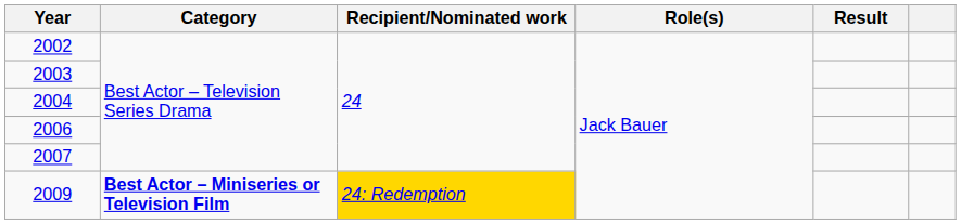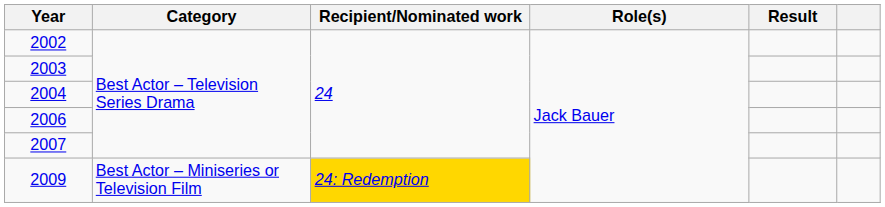 <table class=wikitable>
 <tr>
 <th scope="col" width="10%">Year</th>
 <th scope="col" width="25%">Category</th>
 <th scope="col" width="25%">Recipient/Nominated work</th>
 <th scope="col" width="25%">Role(s)</th>
 <th scope="col" width="10%">Result</th>
 <th scope="col" width="5%"></th>
 </tr>
 <tr>
 <td scope="row" style="text-align:center"><a href='#'>2002</a></td>
 <td rowspan="5"><a href='#'>Best Actor – Television Series Drama</a></td>
 <td rowspan="5"><em><a href='#'>24</a></em></td>
 <td rowspan="6"><a href='#'>Jack Bauer</a></td>
 <td></td>
 <td style="text-align:center;"></td>
 </tr>
 <tr>
 <td scope="row" style="text-align:center"><a href='#'>2003</a></td>
 <td></td>
 <td style="text-align:center;"></td>
 </tr>
 <tr>
 <td scope="row" style="text-align:center"><a href='#'>2004</a></td>
 <td></td>
 <td style="text-align:center;"></td>
 </tr>
 <tr>
 <td scope="row" style="text-align:center"><a href='#'>2006</a></td>
 <td></td>
 <td style="text-align:center;"></td>
 </tr>
 <tr>
 <td scope="row" style="text-align:center"><a href='#'>2007</a></td>
 <td></td>
 <td style="text-align:center;"></td>
 </tr>
 <tr>
 <td scope="row" style="text-align:center"><a href='#'>2009</a></td>
-<td><strong><a href='#'>Best Actor – Miniseries or Television Film</a></strong></td>
+<td><a href='#'>Best Actor – Miniseries or Television Film</a></td>
 <td style="background: gold;"><em><a href='#'>24: Redemption</a></em></td>
 <td></td>
 <td style="text-align:center;"></td>
 </tr>
 </table>
